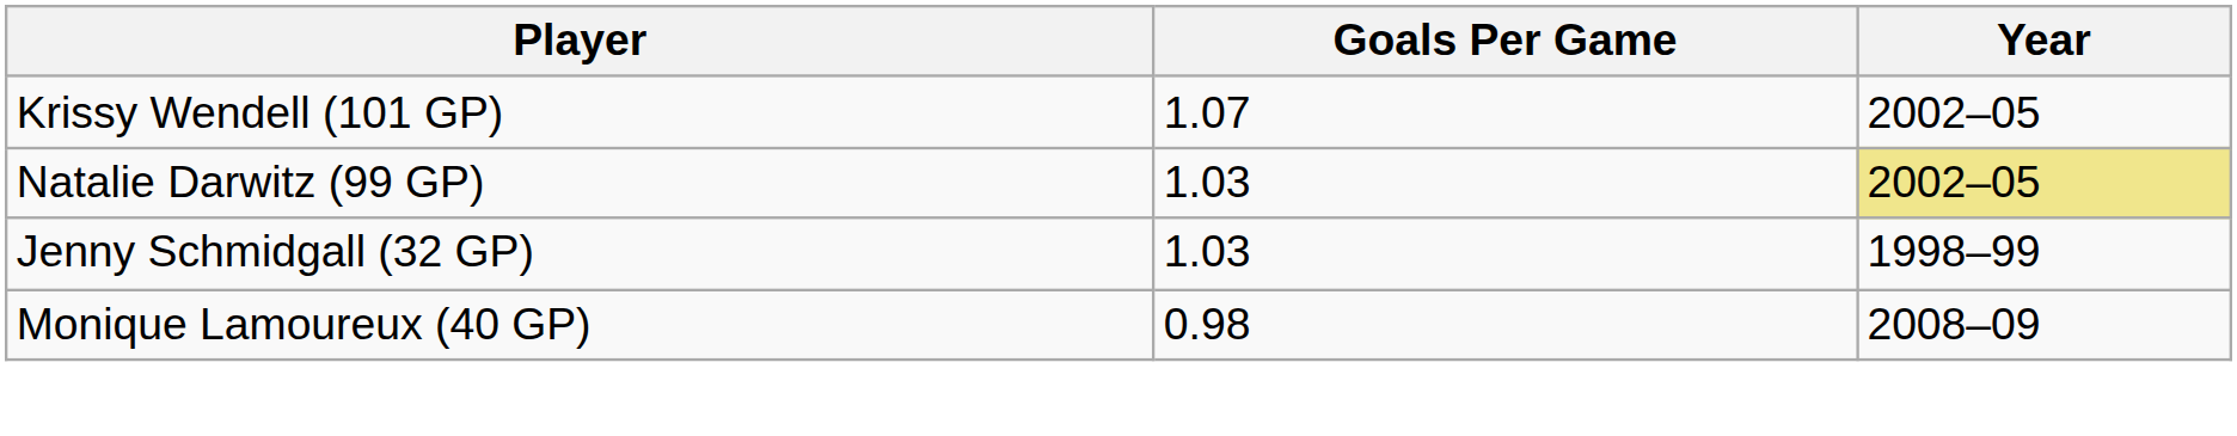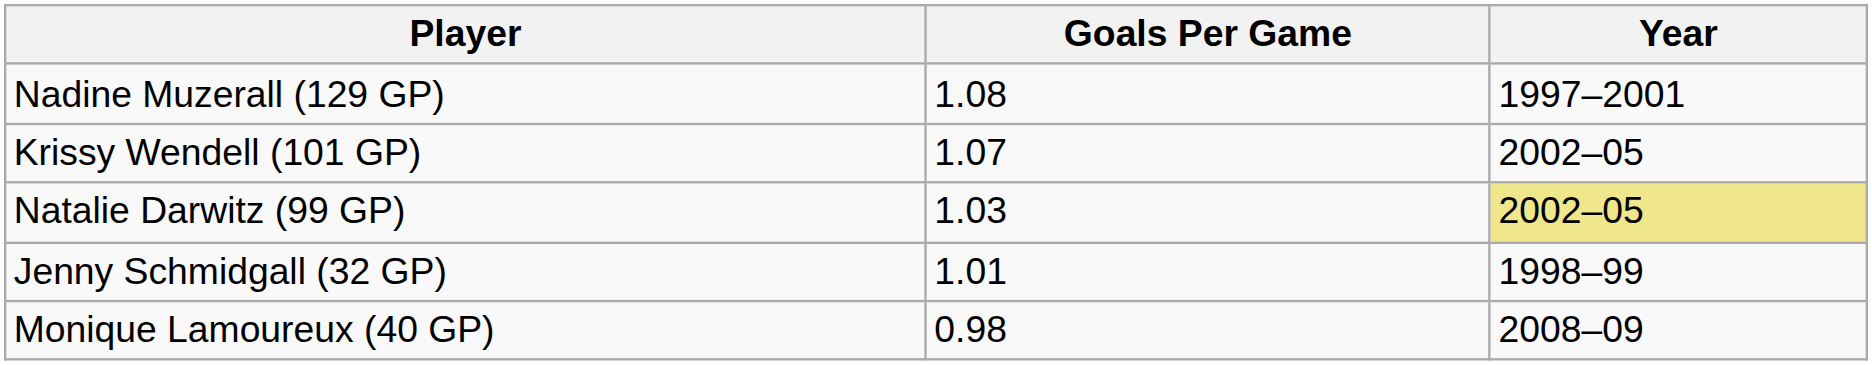 <table class="wikitable" style="width: 50em">
 <tr>
 <th>Player</th>
 <th>Goals Per Game</th>
 <th>Year</th>
+</tr>
+<tr>
+<td>Nadine Muzerall (129 GP)</td>
+<td>1.08</td>
+<td>1997–2001</td>
 </tr>
 <tr>
 <td>Krissy Wendell (101 GP)</td>
 <td>1.07</td>
 <td>2002–05</td>
 </tr>
 <tr>
 <td>Natalie Darwitz (99 GP)</td>
 <td>1.03</td>
 <td style="background: khaki;">2002–05</td>
 </tr>
 <tr>
 <td>Jenny Schmidgall (32 GP)</td>
-<td>1.03</td>
+<td>1.01</td>
 <td>1998–99</td>
 </tr>
 <tr>
 <td>Monique Lamoureux (40 GP)</td>
 <td>0.98</td>
 <td>2008–09</td>
 </tr>
 </table>
